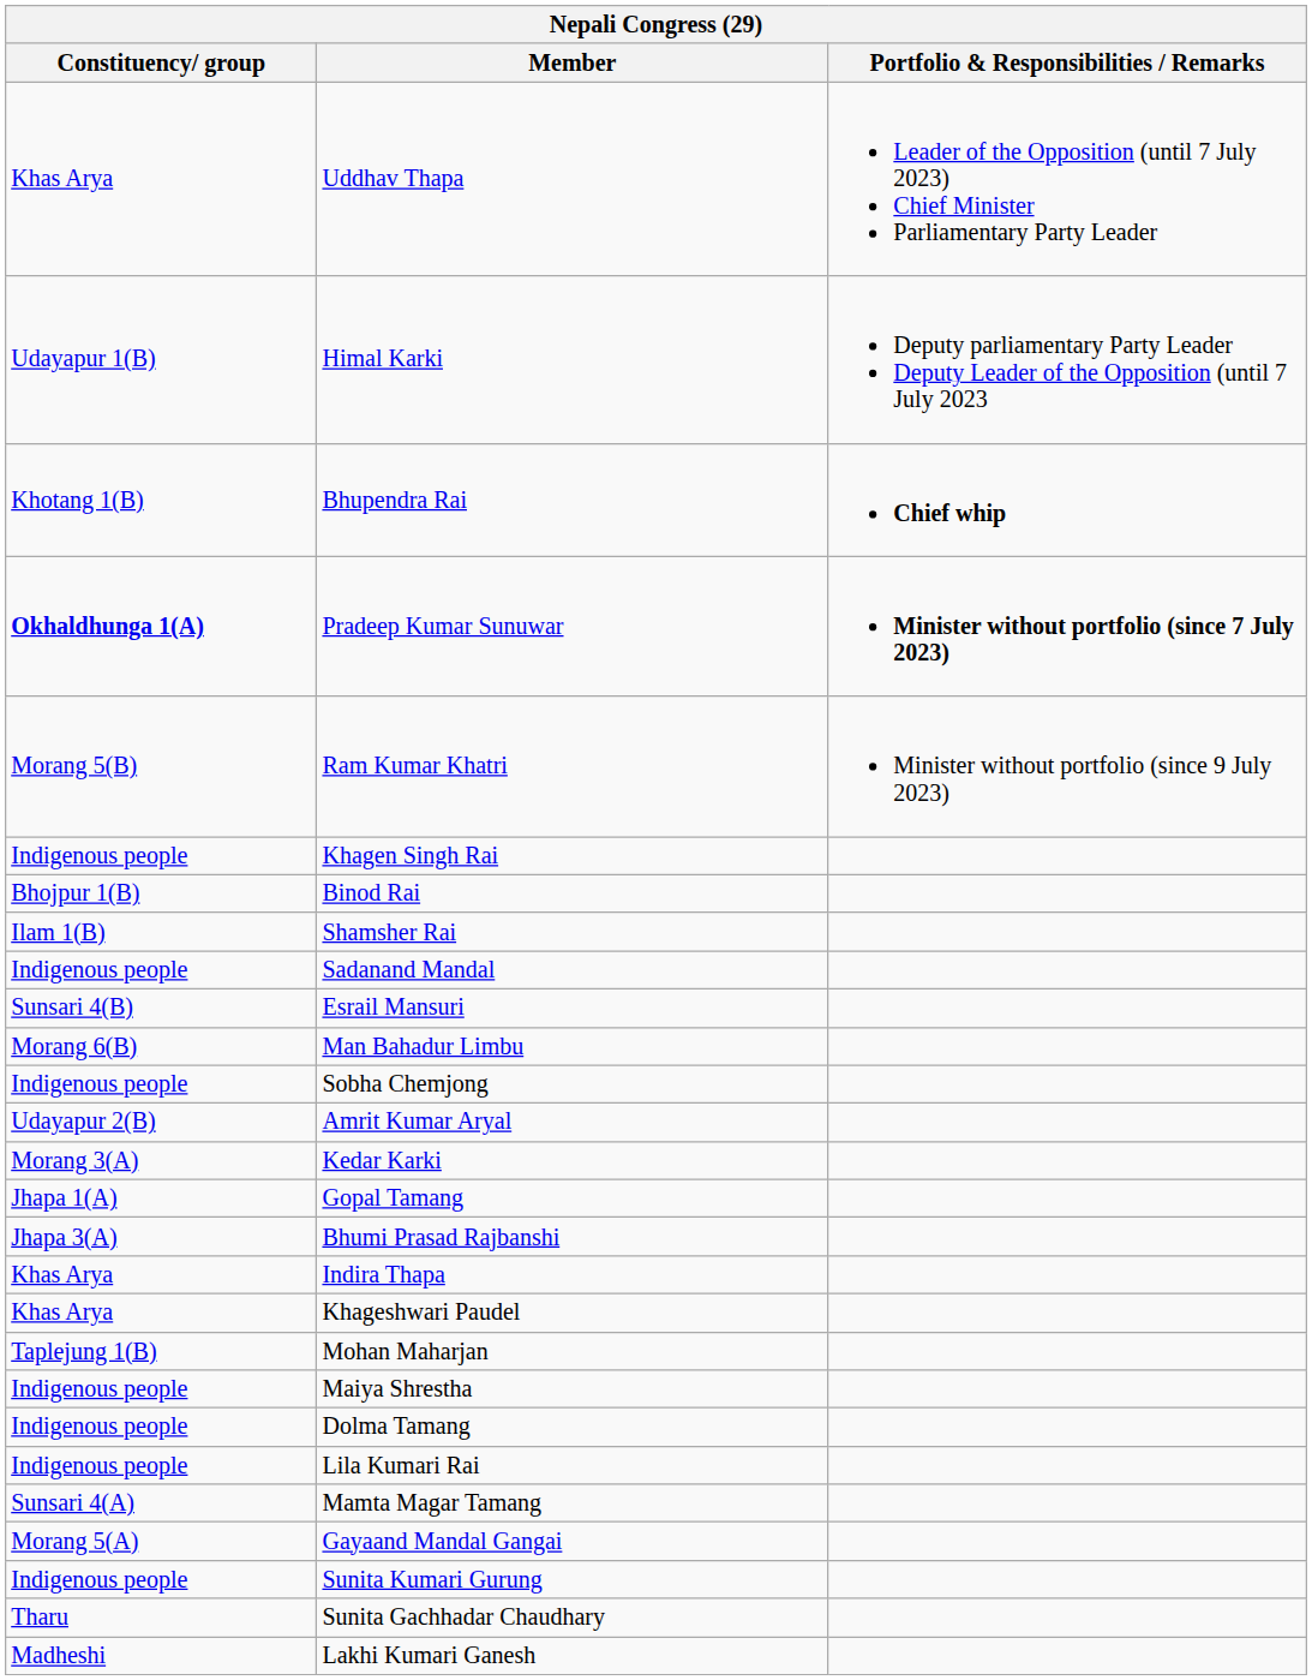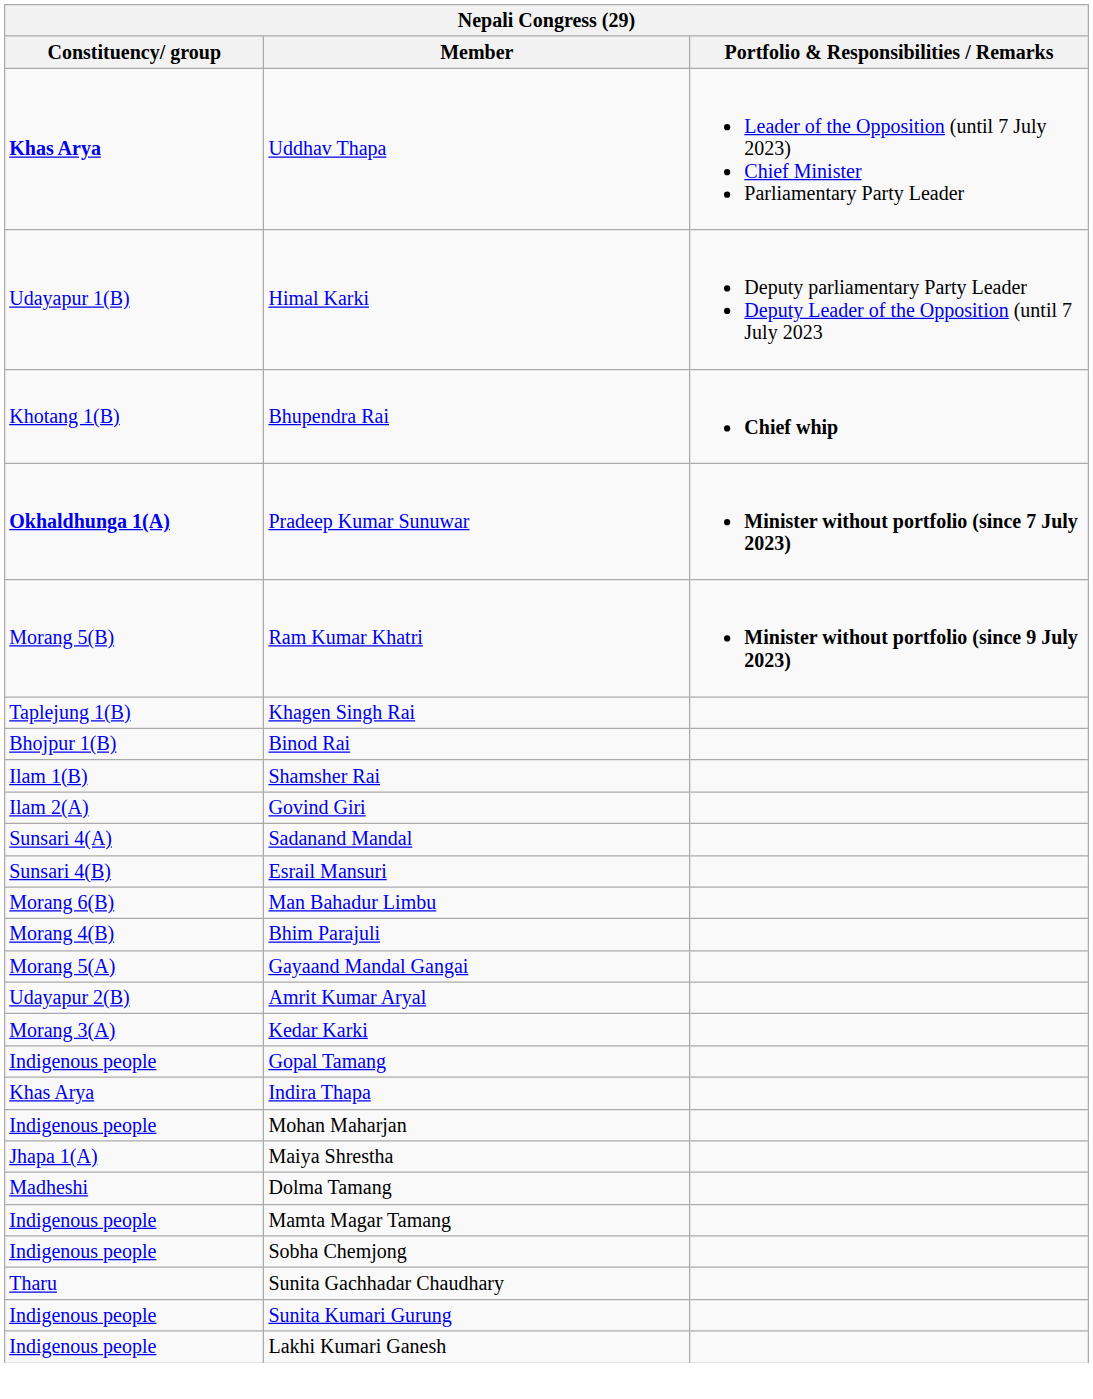 <table class="wikitable sortable mw-collapsible mw-collapsed">
 <tr>
 <th colspan="3" style="width: 800pt; background:">Nepali Congress (29)</th>
 </tr>
 <tr>
 <th style="width:150pt;">Constituency/ group</th>
 <th style="width:250pt;">Member</th>
 <th>Portfolio & Responsibilities / Remarks</th>
 </tr>
 <tr>
-<td><a href='#'>Khas Arya</a></td>
+<td><strong><a href='#'>Khas Arya</a></strong></td>
 <td><a href='#'>Uddhav Thapa</a></td>
 <td><br><ul><li><a href='#'>Leader of the Opposition</a> (until 7 July 2023)</li><li><a href='#'>Chief Minister</a></li><li>Parliamentary Party Leader</li></ul></td>
 </tr>
 <tr>
 <td><a href='#'>Udayapur 1(B)</a></td>
 <td><a href='#'>Himal Karki</a></td>
 <td><br><ul><li>Deputy parliamentary Party Leader</li><li><a href='#'>Deputy Leader of the Opposition</a> (until 7 July 2023</li></ul></td>
 </tr>
 <tr>
 <td><a href='#'>Khotang 1(B)</a></td>
 <td><a href='#'>Bhupendra Rai</a></td>
 <td><strong><br><ul><li>Chief whip</li></ul></strong></td>
 </tr>
 <tr>
 <td><strong><a href='#'>Okhaldhunga 1(A)</a></strong></td>
 <td><a href='#'>Pradeep Kumar Sunuwar</a></td>
 <td><strong><br><ul><li>Minister without portfolio (since 7 July 2023)</li></ul></strong></td>
 </tr>
 <tr>
 <td><a href='#'>Morang 5(B)</a></td>
 <td><a href='#'>Ram Kumar Khatri</a></td>
-<td><br><ul><li>Minister without portfolio (since 9 July 2023)</li></ul></td>
+<td><strong><br><ul><li>Minister without portfolio (since 9 July 2023)</li></ul></strong></td>
 </tr>
 <tr>
-<td><a href='#'>Indigenous people</a></td>
+<td><a href='#'>Taplejung 1(B)</a></td>
 <td><a href='#'>Khagen Singh Rai</a></td>
 <td></td>
 </tr>
 <tr>
 <td><a href='#'>Bhojpur 1(B)</a></td>
 <td><a href='#'>Binod Rai</a></td>
 <td></td>
 </tr>
 <tr>
 <td><a href='#'>Ilam 1(B)</a></td>
 <td><a href='#'>Shamsher Rai</a></td>
 <td></td>
 </tr>
 <tr>
-<td><a href='#'>Indigenous people</a></td>
+<td><a href='#'>Ilam 2(A)</a></td>
+<td><a href='#'>Govind Giri</a></td>
+<td></td>
+</tr>
+<tr>
+<td><a href='#'>Sunsari 4(A)</a></td>
 <td><a href='#'>Sadanand Mandal</a></td>
 <td></td>
 </tr>
 <tr>
 <td><a href='#'>Sunsari 4(B)</a></td>
 <td><a href='#'>Esrail Mansuri</a></td>
 <td></td>
 </tr>
 <tr>
 <td><a href='#'>Morang 6(B)</a></td>
 <td><a href='#'>Man Bahadur Limbu</a></td>
 <td></td>
 </tr>
 <tr>
-<td><a href='#'>Indigenous people</a></td>
-<td>Sobha Chemjong</td>
+<td><a href='#'>Morang 4(B)</a></td>
+<td><a href='#'>Bhim Parajuli</a></td>
+<td></td>
+</tr>
+<tr>
+<td><a href='#'>Morang 5(A)</a></td>
+<td><a href='#'>Gayaand Mandal Gangai</a></td>
 <td></td>
 </tr>
 <tr>
 <td><a href='#'>Udayapur 2(B)</a></td>
 <td><a href='#'>Amrit Kumar Aryal</a></td>
 <td></td>
 </tr>
 <tr>
 <td><a href='#'>Morang 3(A)</a></td>
 <td><a href='#'>Kedar Karki</a></td>
 <td></td>
 </tr>
 <tr>
-<td><a href='#'>Jhapa 1(A)</a></td>
+<td><a href='#'>Indigenous people</a></td>
 <td><a href='#'>Gopal Tamang</a></td>
-<td></td>
-</tr>
-<tr>
-<td><a href='#'>Jhapa 3(A)</a></td>
-<td><a href='#'>Bhumi Prasad Rajbanshi</a></td>
 <td></td>
 </tr>
 <tr>
 <td><a href='#'>Khas Arya</a></td>
 <td><a href='#'>Indira Thapa</a></td>
 <td></td>
 </tr>
 <tr>
-<td><a href='#'>Khas Arya</a></td>
-<td>Khageshwari Paudel</td>
-<td></td>
-</tr>
-<tr>
-<td><a href='#'>Taplejung 1(B)</a></td>
+<td><a href='#'>Indigenous people</a></td>
 <td>Mohan Maharjan</td>
 <td></td>
 </tr>
 <tr>
-<td><a href='#'>Indigenous people</a></td>
+<td><a href='#'>Jhapa 1(A)</a></td>
 <td>Maiya Shrestha</td>
 <td></td>
 </tr>
 <tr>
-<td><a href='#'>Indigenous people</a></td>
+<td><a href='#'>Madheshi</a></td>
 <td>Dolma Tamang</td>
 <td></td>
 </tr>
 <tr>
 <td><a href='#'>Indigenous people</a></td>
-<td>Lila Kumari Rai</td>
-<td></td>
-</tr>
-<tr>
-<td><a href='#'>Sunsari 4(A)</a></td>
 <td>Mamta Magar Tamang</td>
 <td></td>
 </tr>
 <tr>
-<td><a href='#'>Morang 5(A)</a></td>
-<td><a href='#'>Gayaand Mandal Gangai</a></td>
+<td><a href='#'>Indigenous people</a></td>
+<td>Sobha Chemjong</td>
+<td></td>
+</tr>
+<tr>
+<td><a href='#'>Tharu</a></td>
+<td>Sunita Gachhadar Chaudhary</td>
 <td></td>
 </tr>
 <tr>
 <td><a href='#'>Indigenous people</a></td>
 <td><a href='#'>Sunita Kumari Gurung</a></td>
 <td></td>
 </tr>
 <tr>
-<td><a href='#'>Tharu</a></td>
-<td>Sunita Gachhadar Chaudhary</td>
-<td></td>
-</tr>
-<tr>
-<td><a href='#'>Madheshi</a></td>
+<td><a href='#'>Indigenous people</a></td>
 <td>Lakhi Kumari Ganesh</td>
 <td></td>
 </tr>
 </table>
